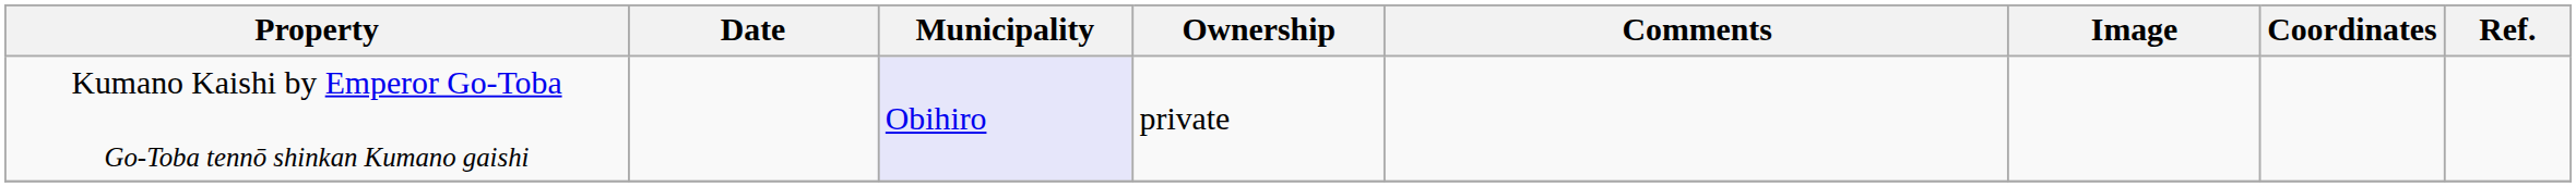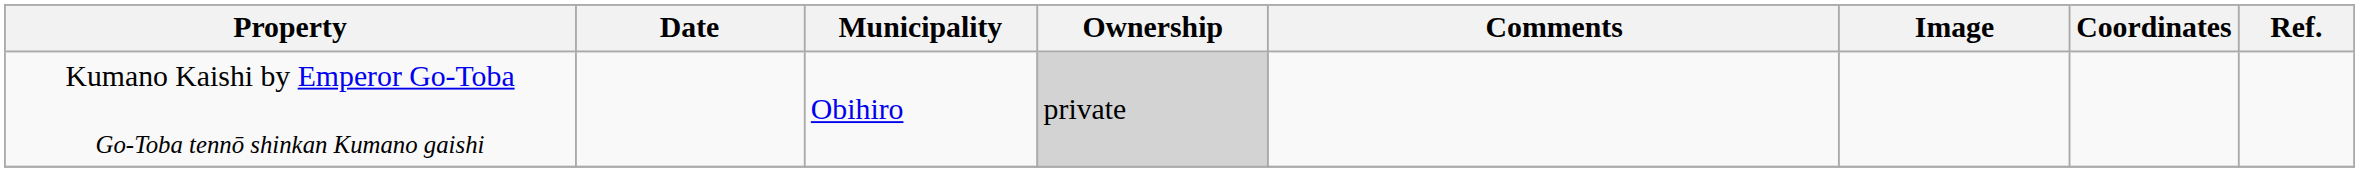 <table class="wikitable sortable"  style="width:100%;">
 <tr>
 <th width="25%" align="left">Property</th>
 <th width="10%" align="left" data-sort-type="number">Date</th>
 <th width="10%" align="left">Municipality</th>
 <th width="10%" align="left">Ownership</th>
 <th width="25%" align="left" class="unsortable">Comments</th>
 <th width="10%" align="left" class="unsortable">Image</th>
 <th width="5%" align="left" class="unsortable">Coordinates</th>
 <th width="5%" align="left" class="unsortable">Ref.</th>
 </tr>
 <tr>
 <td align="center">Kumano Kaishi by <a href='#'>Emperor Go-Toba</a><br><br><small><em>Go-Toba tennō shinkan Kumano gaishi</em></small></td>
 <td></td>
-<td style="background: lavender;"><a href='#'>Obihiro</a></td>
-<td>private</td>
+<td><a href='#'>Obihiro</a></td>
+<td style="background: lightgrey;">private</td>
 <td></td>
 <td></td>
 <td></td>
 <td></td>
 </tr>
 <tr>
 </tr>
 </table>
